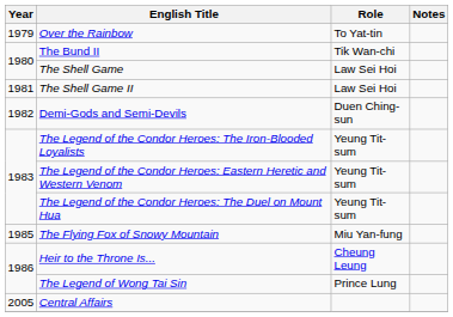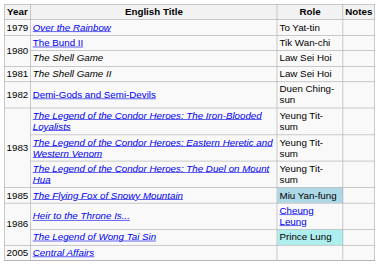 <table class="wikitable sortable">
 <tr>
 <th>Year</th>
 <th>English Title</th>
 <th>Role</th>
 <th>Notes</th>
 </tr>
 <tr>
 <td>1979</td>
 <td><em><a href='#'>Over the Rainbow</a></em></td>
 <td>To Yat-tin</td>
 <td></td>
 </tr>
 <tr>
 <td rowspan="2">1980</td>
 <td><a href='#'>The Bund II</a></td>
 <td>Tik Wan-chi</td>
 <td></td>
 </tr>
 <tr>
 <td><em>The Shell Game</em></td>
 <td>Law Sei Hoi</td>
 <td></td>
 </tr>
 <tr>
 <td>1981</td>
 <td><em>The Shell Game II</em></td>
 <td>Law Sei Hoi</td>
 <td></td>
 </tr>
 <tr>
 <td>1982</td>
 <td><a href='#'>Demi-Gods and Semi-Devils</a></td>
 <td>Duen Ching-sun</td>
 <td></td>
 </tr>
 <tr>
 <td rowspan="3">1983</td>
 <td><em><a href='#'>The Legend of the Condor Heroes: The Iron-Blooded Loyalists</a></em></td>
 <td>Yeung Tit-sum</td>
 <td></td>
 </tr>
 <tr>
 <td><em><a href='#'>The Legend of the Condor Heroes: Eastern Heretic and Western Venom</a></em></td>
 <td>Yeung Tit-sum</td>
 <td></td>
 </tr>
 <tr>
 <td><em><a href='#'>The Legend of the Condor Heroes: The Duel on Mount Hua</a></em></td>
 <td>Yeung Tit-sum</td>
 <td></td>
 </tr>
 <tr>
 <td>1985</td>
 <td><em><a href='#'>The Flying Fox of Snowy Mountain</a></em></td>
-<td>Miu Yan-fung</td>
+<td style="background: lightblue;">Miu Yan-fung</td>
 <td></td>
 </tr>
 <tr>
 <td rowspan="2">1986</td>
 <td><em><a href='#'>Heir to the Throne Is...</a></em></td>
 <td><a href='#'>Cheung Leung</a></td>
 <td></td>
 </tr>
 <tr>
 <td><em><a href='#'>The Legend of Wong Tai Sin</a></em></td>
-<td>Prince Lung</td>
+<td style="background: paleturquoise;">Prince Lung</td>
 <td></td>
 </tr>
 <tr>
 <td>2005</td>
 <td><em><a href='#'>Central Affairs</a></em></td>
 <td></td>
 <td></td>
 </tr>
 <tr>
 </tr>
 </table>
